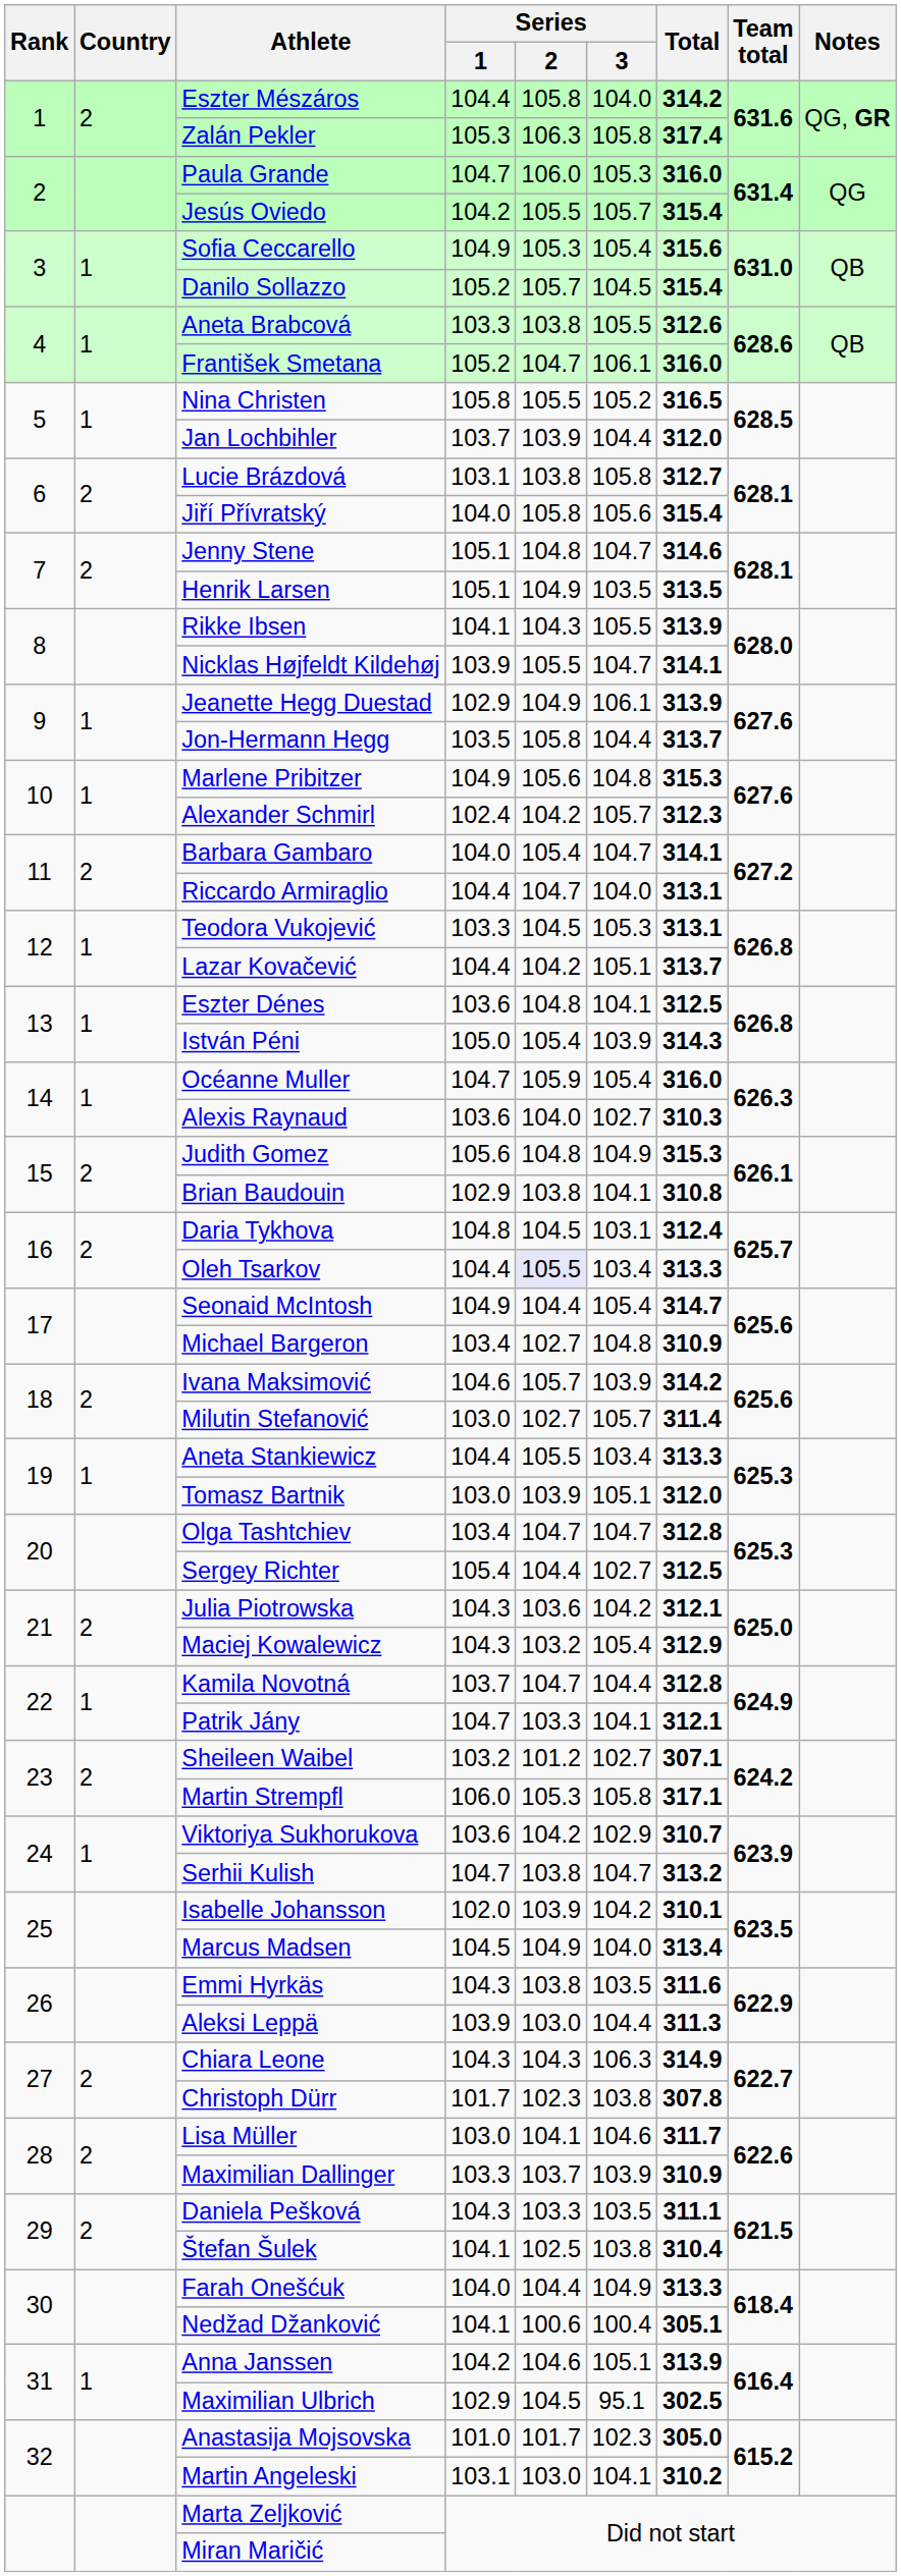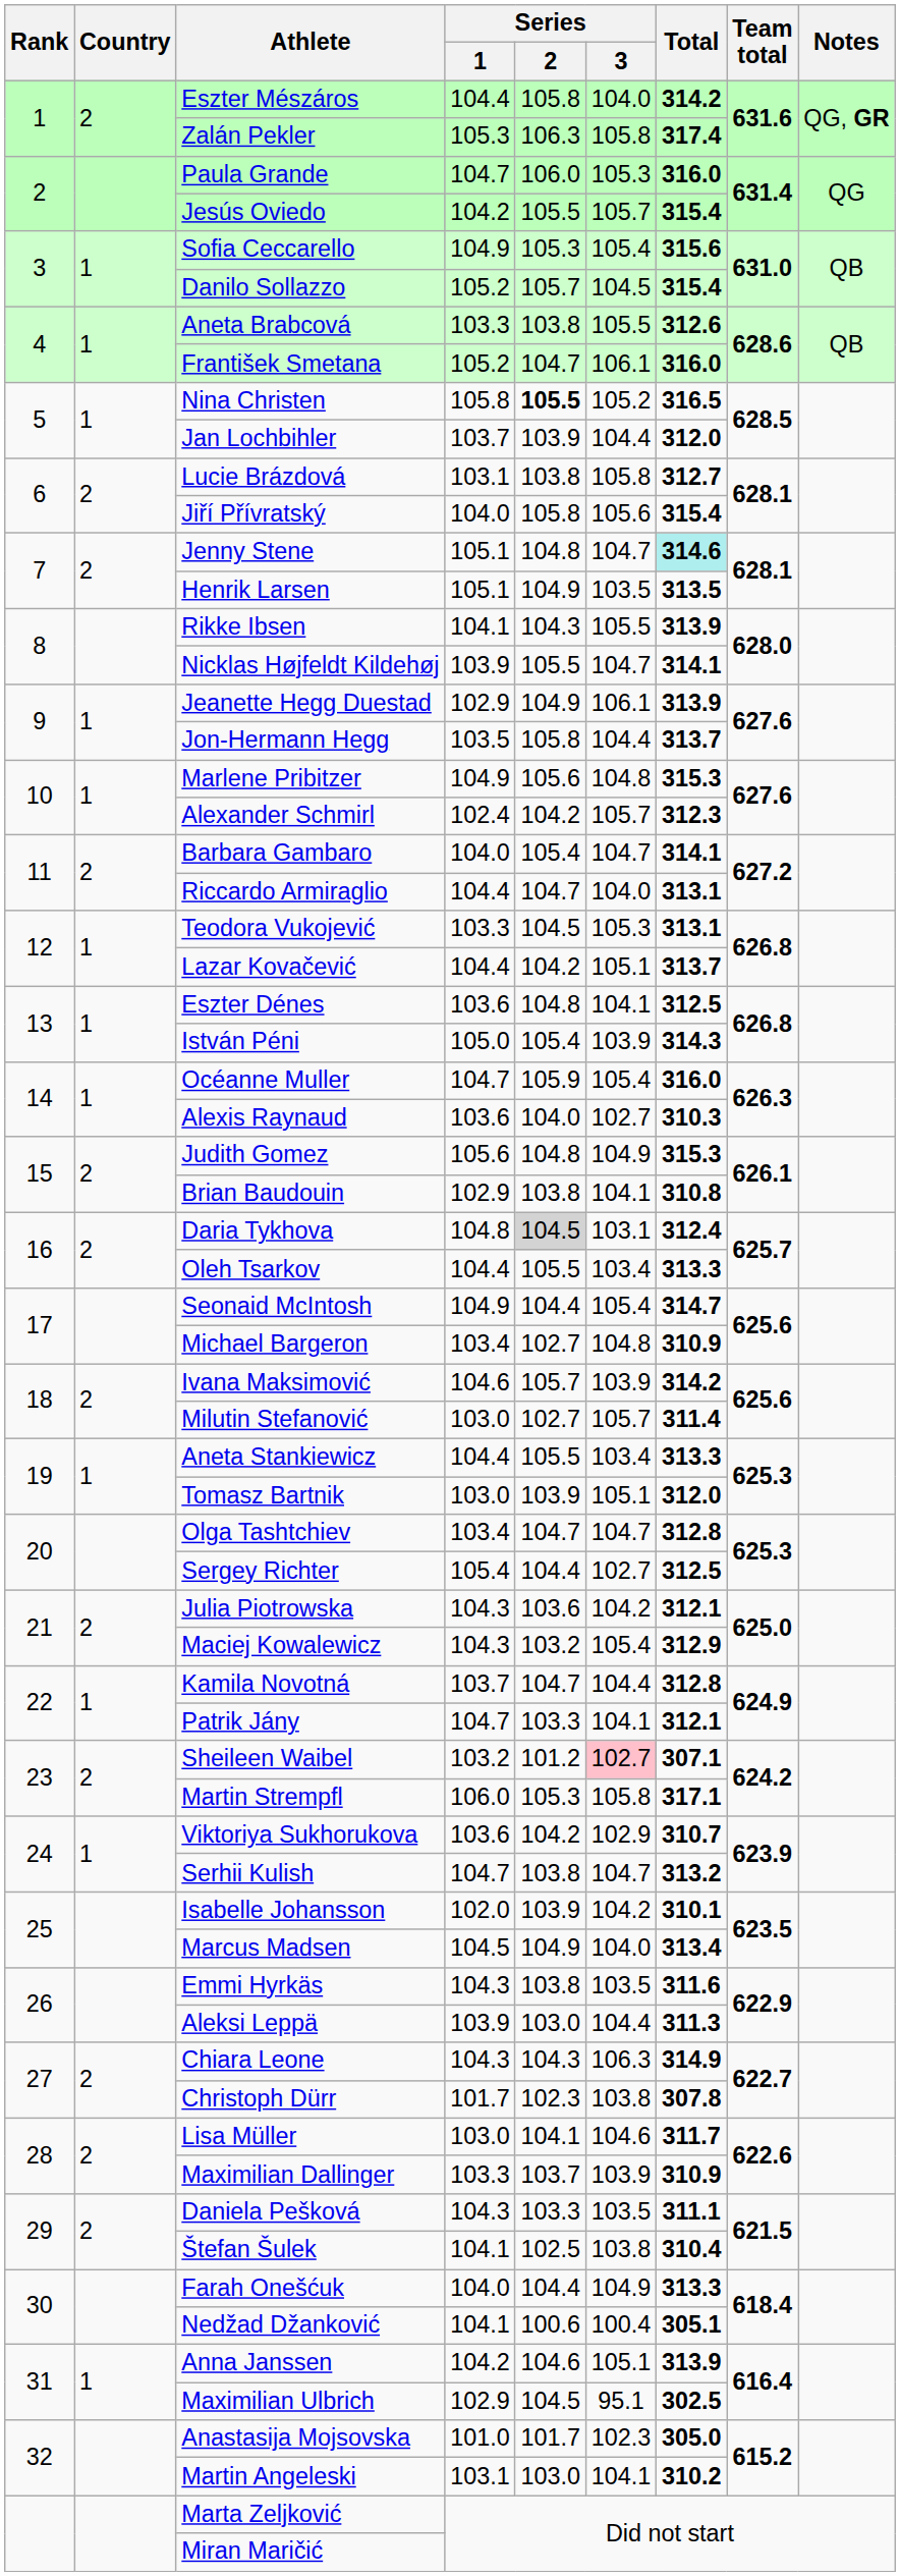 <table class="wikitable sortable" style="text-align:center">
 <tr>
 <th rowspan=2>Rank</th>
 <th rowspan=2>Country</th>
 <th rowspan=2>Athlete</th>
 <th colspan=3>Series</th>
 <th rowspan=2>Total</th>
 <th rowspan=2>Team<br>total</th>
 <th rowspan=2>Notes</th>
 </tr>
 <tr>
 <th width="40px">1</th>
 <th width="40px">2</th>
 <th width="40px">3</th>
 </tr>
 <tr bgcolor=bbffbb>
 <td rowspan=2>1</td>
 <td rowspan=2 align=left> 2</td>
 <td align=left><a href='#'>Eszter Mészáros</a></td>
 <td>104.4</td>
 <td>105.8</td>
 <td>104.0</td>
 <td><strong>314.2</strong></td>
 <td rowspan=2><strong>631.6</strong></td>
 <td rowspan=2>QG, <strong>GR</strong></td>
 </tr>
 <tr bgcolor=bbffbb>
 <td align=left><a href='#'>Zalán Pekler</a></td>
 <td>105.3</td>
 <td>106.3</td>
 <td>105.8</td>
 <td><strong>317.4</strong></td>
 </tr>
 <tr bgcolor=bbffbb>
 <td rowspan=2>2</td>
 <td rowspan=2 align=left></td>
 <td align=left><a href='#'>Paula Grande</a></td>
 <td>104.7</td>
 <td>106.0</td>
 <td>105.3</td>
 <td><strong>316.0</strong></td>
 <td rowspan=2><strong>631.4</strong></td>
 <td rowspan=2>QG</td>
 </tr>
 <tr bgcolor=bbffbb>
 <td align=left><a href='#'>Jesús Oviedo</a></td>
 <td>104.2</td>
 <td>105.5</td>
 <td>105.7</td>
 <td><strong>315.4</strong></td>
 </tr>
 <tr bgcolor=ccffcc>
 <td rowspan=2>3</td>
 <td rowspan=2 align=left> 1</td>
 <td align=left><a href='#'>Sofia Ceccarello</a></td>
 <td>104.9</td>
 <td>105.3</td>
 <td>105.4</td>
 <td><strong>315.6</strong></td>
 <td rowspan=2><strong>631.0</strong></td>
 <td rowspan=2>QB</td>
 </tr>
 <tr bgcolor=ccffcc>
 <td align=left><a href='#'>Danilo Sollazzo</a></td>
 <td>105.2</td>
 <td>105.7</td>
 <td>104.5</td>
 <td><strong>315.4</strong></td>
 </tr>
 <tr bgcolor=ccffcc>
 <td rowspan=2>4</td>
 <td rowspan=2 align=left> 1</td>
 <td align=left><a href='#'>Aneta Brabcová</a></td>
 <td>103.3</td>
 <td>103.8</td>
 <td>105.5</td>
 <td><strong>312.6</strong></td>
 <td rowspan=2><strong>628.6</strong></td>
 <td rowspan=2>QB</td>
 </tr>
 <tr bgcolor=ccffcc>
 <td align=left><a href='#'>František Smetana</a></td>
 <td>105.2</td>
 <td>104.7</td>
 <td>106.1</td>
 <td><strong>316.0</strong></td>
 </tr>
 <tr>
 <td rowspan=2>5</td>
 <td rowspan=2 align=left> 1</td>
 <td align=left><a href='#'>Nina Christen</a></td>
 <td>105.8</td>
-<td>105.5</td>
+<td><strong>105.5</strong></td>
 <td>105.2</td>
 <td><strong>316.5</strong></td>
 <td rowspan=2><strong>628.5</strong></td>
 <td rowspan=2></td>
 </tr>
 <tr>
 <td align=left><a href='#'>Jan Lochbihler</a></td>
 <td>103.7</td>
 <td>103.9</td>
 <td>104.4</td>
 <td><strong>312.0</strong></td>
 </tr>
 <tr>
 <td rowspan=2>6</td>
 <td rowspan=2 align=left> 2</td>
 <td align=left><a href='#'>Lucie Brázdová</a></td>
 <td>103.1</td>
 <td>103.8</td>
 <td>105.8</td>
 <td><strong>312.7</strong></td>
 <td rowspan=2><strong>628.1</strong></td>
 <td rowspan=2></td>
 </tr>
 <tr>
 <td align=left><a href='#'>Jiří Přívratský</a></td>
 <td>104.0</td>
 <td>105.8</td>
 <td>105.6</td>
 <td><strong>315.4</strong></td>
 </tr>
 <tr>
 <td rowspan=2>7</td>
 <td rowspan=2 align=left> 2</td>
 <td align=left><a href='#'>Jenny Stene</a></td>
 <td>105.1</td>
 <td>104.8</td>
 <td>104.7</td>
-<td><strong>314.6</strong></td>
+<td style="background: paleturquoise;"><strong>314.6</strong></td>
 <td rowspan=2><strong>628.1</strong></td>
 <td rowspan=2></td>
 </tr>
 <tr>
 <td align=left><a href='#'>Henrik Larsen</a></td>
 <td>105.1</td>
 <td>104.9</td>
 <td>103.5</td>
 <td><strong>313.5</strong></td>
 </tr>
 <tr>
 <td rowspan=2>8</td>
 <td rowspan=2 align=left></td>
 <td align=left><a href='#'>Rikke Ibsen</a></td>
 <td>104.1</td>
 <td>104.3</td>
 <td>105.5</td>
 <td><strong>313.9</strong></td>
 <td rowspan=2><strong>628.0</strong></td>
 <td rowspan=2></td>
 </tr>
 <tr>
 <td align=left><a href='#'>Nicklas Højfeldt Kildehøj</a></td>
 <td>103.9</td>
 <td>105.5</td>
 <td>104.7</td>
 <td><strong>314.1</strong></td>
 </tr>
 <tr>
 <td rowspan=2>9</td>
 <td rowspan=2 align=left> 1</td>
 <td align=left><a href='#'>Jeanette Hegg Duestad</a></td>
 <td>102.9</td>
 <td>104.9</td>
 <td>106.1</td>
 <td><strong>313.9</strong></td>
 <td rowspan=2><strong>627.6</strong></td>
 <td rowspan=2></td>
 </tr>
 <tr>
 <td align=left><a href='#'>Jon-Hermann Hegg</a></td>
 <td>103.5</td>
 <td>105.8</td>
 <td>104.4</td>
 <td><strong>313.7</strong></td>
 </tr>
 <tr>
 <td rowspan=2>10</td>
 <td rowspan=2 align=left> 1</td>
 <td align=left><a href='#'>Marlene Pribitzer</a></td>
 <td>104.9</td>
 <td>105.6</td>
 <td>104.8</td>
 <td><strong>315.3</strong></td>
 <td rowspan=2><strong>627.6</strong></td>
 <td rowspan=2></td>
 </tr>
 <tr>
 <td align=left><a href='#'>Alexander Schmirl</a></td>
 <td>102.4</td>
 <td>104.2</td>
 <td>105.7</td>
 <td><strong>312.3</strong></td>
 </tr>
 <tr>
 <td rowspan=2>11</td>
 <td rowspan=2 align=left> 2</td>
 <td align=left><a href='#'>Barbara Gambaro</a></td>
 <td>104.0</td>
 <td>105.4</td>
 <td>104.7</td>
 <td><strong>314.1</strong></td>
 <td rowspan=2><strong>627.2</strong></td>
 <td rowspan=2></td>
 </tr>
 <tr>
 <td align=left><a href='#'>Riccardo Armiraglio</a></td>
 <td>104.4</td>
 <td>104.7</td>
 <td>104.0</td>
 <td><strong>313.1</strong></td>
 </tr>
 <tr>
 <td rowspan=2>12</td>
 <td rowspan=2 align=left> 1</td>
 <td align=left><a href='#'>Teodora Vukojević</a></td>
 <td>103.3</td>
 <td>104.5</td>
 <td>105.3</td>
 <td><strong>313.1</strong></td>
 <td rowspan=2><strong>626.8</strong></td>
 <td rowspan=2></td>
 </tr>
 <tr>
 <td align=left><a href='#'>Lazar Kovačević</a></td>
 <td>104.4</td>
 <td>104.2</td>
 <td>105.1</td>
 <td><strong>313.7</strong></td>
 </tr>
 <tr>
 <td rowspan=2>13</td>
 <td rowspan=2 align=left> 1</td>
 <td align=left><a href='#'>Eszter Dénes</a></td>
 <td>103.6</td>
 <td>104.8</td>
 <td>104.1</td>
 <td><strong>312.5</strong></td>
 <td rowspan=2><strong>626.8</strong></td>
 <td rowspan=2></td>
 </tr>
 <tr>
 <td align=left><a href='#'>István Péni</a></td>
 <td>105.0</td>
 <td>105.4</td>
 <td>103.9</td>
 <td><strong>314.3</strong></td>
 </tr>
 <tr>
 <td rowspan=2>14</td>
 <td rowspan=2 align=left> 1</td>
 <td align=left><a href='#'>Océanne Muller</a></td>
 <td>104.7</td>
 <td>105.9</td>
 <td>105.4</td>
 <td><strong>316.0</strong></td>
 <td rowspan=2><strong>626.3</strong></td>
 <td rowspan=2></td>
 </tr>
 <tr>
 <td align=left><a href='#'>Alexis Raynaud</a></td>
 <td>103.6</td>
 <td>104.0</td>
 <td>102.7</td>
 <td><strong>310.3</strong></td>
 </tr>
 <tr>
 <td rowspan=2>15</td>
 <td rowspan=2 align=left> 2</td>
 <td align=left><a href='#'>Judith Gomez</a></td>
 <td>105.6</td>
 <td>104.8</td>
 <td>104.9</td>
 <td><strong>315.3</strong></td>
 <td rowspan=2><strong>626.1</strong></td>
 <td rowspan=2></td>
 </tr>
 <tr>
 <td align=left><a href='#'>Brian Baudouin</a></td>
 <td>102.9</td>
 <td>103.8</td>
 <td>104.1</td>
 <td><strong>310.8</strong></td>
 </tr>
 <tr>
 <td rowspan=2>16</td>
 <td rowspan=2 align=left> 2</td>
 <td align=left><a href='#'>Daria Tykhova</a></td>
 <td>104.8</td>
-<td>104.5</td>
+<td style="background: lightgrey;">104.5</td>
 <td>103.1</td>
 <td><strong>312.4</strong></td>
 <td rowspan=2><strong>625.7</strong></td>
 <td rowspan=2></td>
 </tr>
 <tr>
 <td align=left><a href='#'>Oleh Tsarkov</a></td>
 <td>104.4</td>
-<td style="background: lavender;">105.5</td>
+<td>105.5</td>
 <td>103.4</td>
 <td><strong>313.3</strong></td>
 </tr>
 <tr>
 <td rowspan=2>17</td>
 <td rowspan=2 align=left></td>
 <td align=left><a href='#'>Seonaid McIntosh</a></td>
 <td>104.9</td>
 <td>104.4</td>
 <td>105.4</td>
 <td><strong>314.7</strong></td>
 <td rowspan=2><strong>625.6</strong></td>
 <td rowspan=2></td>
 </tr>
 <tr>
 <td align=left><a href='#'>Michael Bargeron</a></td>
 <td>103.4</td>
 <td>102.7</td>
 <td>104.8</td>
 <td><strong>310.9</strong></td>
 </tr>
 <tr>
 <td rowspan=2>18</td>
 <td rowspan=2 align=left> 2</td>
 <td align=left><a href='#'>Ivana Maksimović</a></td>
 <td>104.6</td>
 <td>105.7</td>
 <td>103.9</td>
 <td><strong>314.2</strong></td>
 <td rowspan=2><strong>625.6</strong></td>
 <td rowspan=2></td>
 </tr>
 <tr>
 <td align=left><a href='#'>Milutin Stefanović</a></td>
 <td>103.0</td>
 <td>102.7</td>
 <td>105.7</td>
 <td><strong>311.4</strong></td>
 </tr>
 <tr>
 <td rowspan=2>19</td>
 <td rowspan=2 align=left> 1</td>
 <td align=left><a href='#'>Aneta Stankiewicz</a></td>
 <td>104.4</td>
 <td>105.5</td>
 <td>103.4</td>
 <td><strong>313.3</strong></td>
 <td rowspan=2><strong>625.3</strong></td>
 <td rowspan=2></td>
 </tr>
 <tr>
 <td align=left><a href='#'>Tomasz Bartnik</a></td>
 <td>103.0</td>
 <td>103.9</td>
 <td>105.1</td>
 <td><strong>312.0</strong></td>
 </tr>
 <tr>
 <td rowspan=2>20</td>
 <td rowspan=2 align=left></td>
 <td align=left><a href='#'>Olga Tashtchiev</a></td>
 <td>103.4</td>
 <td>104.7</td>
 <td>104.7</td>
 <td><strong>312.8</strong></td>
 <td rowspan=2><strong>625.3</strong></td>
 <td rowspan=2></td>
 </tr>
 <tr>
 <td align=left><a href='#'>Sergey Richter</a></td>
 <td>105.4</td>
 <td>104.4</td>
 <td>102.7</td>
 <td><strong>312.5</strong></td>
 </tr>
 <tr>
 <td rowspan=2>21</td>
 <td rowspan=2 align=left> 2</td>
 <td align=left><a href='#'>Julia Piotrowska</a></td>
 <td>104.3</td>
 <td>103.6</td>
 <td>104.2</td>
 <td><strong>312.1</strong></td>
 <td rowspan=2><strong>625.0</strong></td>
 <td rowspan=2></td>
 </tr>
 <tr>
 <td align=left><a href='#'>Maciej Kowalewicz</a></td>
 <td>104.3</td>
 <td>103.2</td>
 <td>105.4</td>
 <td><strong>312.9</strong></td>
 </tr>
 <tr>
 <td rowspan=2>22</td>
 <td rowspan=2 align=left> 1</td>
 <td align=left><a href='#'>Kamila Novotná</a></td>
 <td>103.7</td>
 <td>104.7</td>
 <td>104.4</td>
 <td><strong>312.8</strong></td>
 <td rowspan=2><strong>624.9</strong></td>
 <td rowspan=2></td>
 </tr>
 <tr>
 <td align=left><a href='#'>Patrik Jány</a></td>
 <td>104.7</td>
 <td>103.3</td>
 <td>104.1</td>
 <td><strong>312.1</strong></td>
 </tr>
 <tr>
 <td rowspan=2>23</td>
 <td rowspan=2 align=left> 2</td>
 <td align=left><a href='#'>Sheileen Waibel</a></td>
 <td>103.2</td>
 <td>101.2</td>
-<td>102.7</td>
+<td style="background: pink;">102.7</td>
 <td><strong>307.1</strong></td>
 <td rowspan=2><strong>624.2</strong></td>
 <td rowspan=2></td>
 </tr>
 <tr>
 <td align=left><a href='#'>Martin Strempfl</a></td>
 <td>106.0</td>
 <td>105.3</td>
 <td>105.8</td>
 <td><strong>317.1</strong></td>
 </tr>
 <tr>
 <td rowspan=2>24</td>
 <td rowspan=2 align=left> 1</td>
 <td align=left><a href='#'>Viktoriya Sukhorukova</a></td>
 <td>103.6</td>
 <td>104.2</td>
 <td>102.9</td>
 <td><strong>310.7</strong></td>
 <td rowspan=2><strong>623.9</strong></td>
 <td rowspan=2></td>
 </tr>
 <tr>
 <td align=left><a href='#'>Serhii Kulish</a></td>
 <td>104.7</td>
 <td>103.8</td>
 <td>104.7</td>
 <td><strong>313.2</strong></td>
 </tr>
 <tr>
 <td rowspan=2>25</td>
 <td rowspan=2 align=left></td>
 <td align=left><a href='#'>Isabelle Johansson</a></td>
 <td>102.0</td>
 <td>103.9</td>
 <td>104.2</td>
 <td><strong>310.1</strong></td>
 <td rowspan=2><strong>623.5</strong></td>
 <td rowspan=2></td>
 </tr>
 <tr>
 <td align=left><a href='#'>Marcus Madsen</a></td>
 <td>104.5</td>
 <td>104.9</td>
 <td>104.0</td>
 <td><strong>313.4</strong></td>
 </tr>
 <tr>
 <td rowspan=2>26</td>
 <td rowspan=2 align=left></td>
 <td align=left><a href='#'>Emmi Hyrkäs</a></td>
 <td>104.3</td>
 <td>103.8</td>
 <td>103.5</td>
 <td><strong>311.6</strong></td>
 <td rowspan=2><strong>622.9</strong></td>
 <td rowspan=2></td>
 </tr>
 <tr>
 <td align=left><a href='#'>Aleksi Leppä</a></td>
 <td>103.9</td>
 <td>103.0</td>
 <td>104.4</td>
 <td><strong>311.3</strong></td>
 </tr>
 <tr>
 <td rowspan=2>27</td>
 <td rowspan=2 align=left> 2</td>
 <td align=left><a href='#'>Chiara Leone</a></td>
 <td>104.3</td>
 <td>104.3</td>
 <td>106.3</td>
 <td><strong>314.9</strong></td>
 <td rowspan=2><strong>622.7</strong></td>
 <td rowspan=2></td>
 </tr>
 <tr>
 <td align=left><a href='#'>Christoph Dürr</a></td>
 <td>101.7</td>
 <td>102.3</td>
 <td>103.8</td>
 <td><strong>307.8</strong></td>
 </tr>
 <tr>
 <td rowspan=2>28</td>
 <td rowspan=2 align=left> 2</td>
 <td align=left><a href='#'>Lisa Müller</a></td>
 <td>103.0</td>
 <td>104.1</td>
 <td>104.6</td>
 <td><strong>311.7</strong></td>
 <td rowspan=2><strong>622.6</strong></td>
 <td rowspan=2></td>
 </tr>
 <tr>
 <td align=left><a href='#'>Maximilian Dallinger</a></td>
 <td>103.3</td>
 <td>103.7</td>
 <td>103.9</td>
 <td><strong>310.9</strong></td>
 </tr>
 <tr>
 <td rowspan=2>29</td>
 <td rowspan=2 align=left> 2</td>
 <td align=left><a href='#'>Daniela Pešková</a></td>
 <td>104.3</td>
 <td>103.3</td>
 <td>103.5</td>
 <td><strong>311.1</strong></td>
 <td rowspan=2><strong>621.5</strong></td>
 <td rowspan=2></td>
 </tr>
 <tr>
 <td align=left><a href='#'>Štefan Šulek</a></td>
 <td>104.1</td>
 <td>102.5</td>
 <td>103.8</td>
 <td><strong>310.4</strong></td>
 </tr>
 <tr>
 <td rowspan=2>30</td>
 <td rowspan=2 align=left></td>
 <td align=left><a href='#'>Farah Onešćuk</a></td>
 <td>104.0</td>
 <td>104.4</td>
 <td>104.9</td>
 <td><strong>313.3</strong></td>
 <td rowspan=2><strong>618.4</strong></td>
 <td rowspan=2></td>
 </tr>
 <tr>
 <td align=left><a href='#'>Nedžad Džanković</a></td>
 <td>104.1</td>
 <td>100.6</td>
 <td>100.4</td>
 <td><strong>305.1</strong></td>
 </tr>
 <tr>
 <td rowspan=2>31</td>
 <td rowspan=2 align=left> 1</td>
 <td align=left><a href='#'>Anna Janssen</a></td>
 <td>104.2</td>
 <td>104.6</td>
 <td>105.1</td>
 <td><strong>313.9</strong></td>
 <td rowspan=2><strong>616.4</strong></td>
 <td rowspan=2></td>
 </tr>
 <tr>
 <td align=left><a href='#'>Maximilian Ulbrich</a></td>
 <td>102.9</td>
 <td>104.5</td>
 <td>95.1</td>
 <td><strong>302.5</strong></td>
 </tr>
 <tr>
 <td rowspan=2>32</td>
 <td rowspan=2 align=left></td>
 <td align=left><a href='#'>Anastasija Mojsovska</a></td>
 <td>101.0</td>
 <td>101.7</td>
 <td>102.3</td>
 <td><strong>305.0</strong></td>
 <td rowspan=2><strong>615.2</strong></td>
 <td rowspan=2></td>
 </tr>
 <tr>
 <td align=left><a href='#'>Martin Angeleski</a></td>
 <td>103.1</td>
 <td>103.0</td>
 <td>104.1</td>
 <td><strong>310.2</strong></td>
 </tr>
 <tr>
 <td rowspan=2></td>
 <td rowspan=2 align=left></td>
 <td align=left><a href='#'>Marta Zeljković</a></td>
 <td colspan="6" rowspan=2>Did not start</td>
 </tr>
 <tr>
 <td align=left><a href='#'>Miran Maričić</a></td>
 </tr>
 </table>
